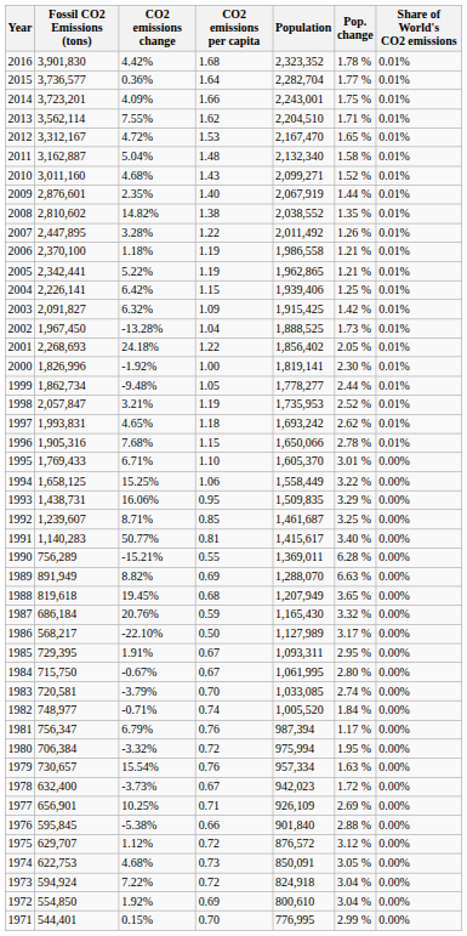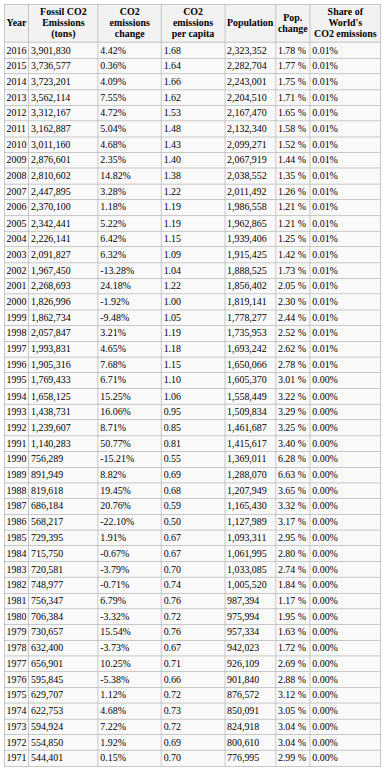 <table class="wikitable">
 <tr>
 <th>Year</th>
 <th>Fossil CO2<br>Emissions (tons)</th>
 <th>CO2 emissions<br>change</th>
 <th>CO2 emissions<br>per capita</th>
 <th>Population</th>
 <th>Pop.<br>change</th>
 <th>Share of World's<br>CO2 emissions</th>
 </tr>
 <tr>
 <td>2016</td>
 <td>3,901,830</td>
 <td>4.42%</td>
 <td>1.68</td>
 <td>2,323,352</td>
 <td>1.78 %</td>
 <td>0.01%</td>
 </tr>
 <tr>
 <td>2015</td>
 <td>3,736,577</td>
 <td>0.36%</td>
 <td>1.64</td>
 <td>2,282,704</td>
 <td>1.77 %</td>
 <td>0.01%</td>
 </tr>
 <tr>
 <td>2014</td>
 <td>3,723,201</td>
 <td>4.09%</td>
 <td>1.66</td>
 <td>2,243,001</td>
 <td>1.75 %</td>
 <td>0.01%</td>
 </tr>
 <tr>
 <td>2013</td>
 <td>3,562,114</td>
 <td>7.55%</td>
 <td>1.62</td>
 <td>2,204,510</td>
 <td>1.71 %</td>
 <td>0.01%</td>
 </tr>
 <tr>
 <td>2012</td>
 <td>3,312,167</td>
 <td>4.72%</td>
 <td>1.53</td>
 <td>2,167,470</td>
 <td>1.65 %</td>
 <td>0.01%</td>
 </tr>
 <tr>
 <td>2011</td>
 <td>3,162,887</td>
 <td>5.04%</td>
 <td>1.48</td>
 <td>2,132,340</td>
 <td>1.58 %</td>
 <td>0.01%</td>
 </tr>
 <tr>
 <td>2010</td>
 <td>3,011,160</td>
 <td>4.68%</td>
 <td>1.43</td>
 <td>2,099,271</td>
 <td>1.52 %</td>
 <td>0.01%</td>
 </tr>
 <tr>
 <td>2009</td>
 <td>2,876,601</td>
 <td>2.35%</td>
 <td>1.40</td>
 <td>2,067,919</td>
 <td>1.44 %</td>
 <td>0.01%</td>
 </tr>
 <tr>
 <td>2008</td>
 <td>2,810,602</td>
 <td>14.82%</td>
 <td>1.38</td>
 <td>2,038,552</td>
 <td>1.35 %</td>
 <td>0.01%</td>
 </tr>
 <tr>
 <td>2007</td>
 <td>2,447,895</td>
 <td>3.28%</td>
 <td>1.22</td>
 <td>2,011,492</td>
 <td>1.26 %</td>
 <td>0.01%</td>
 </tr>
 <tr>
 <td>2006</td>
 <td>2,370,100</td>
 <td>1.18%</td>
 <td>1.19</td>
 <td>1,986,558</td>
 <td>1.21 %</td>
 <td>0.01%</td>
 </tr>
 <tr>
 <td>2005</td>
 <td>2,342,441</td>
 <td>5.22%</td>
 <td>1.19</td>
 <td>1,962,865</td>
 <td>1.21 %</td>
 <td>0.01%</td>
 </tr>
 <tr>
 <td>2004</td>
 <td>2,226,141</td>
 <td>6.42%</td>
 <td>1.15</td>
 <td>1,939,406</td>
 <td>1.25 %</td>
 <td>0.01%</td>
 </tr>
 <tr>
 <td>2003</td>
 <td>2,091,827</td>
 <td>6.32%</td>
 <td>1.09</td>
 <td>1,915,425</td>
 <td>1.42 %</td>
 <td>0.01%</td>
 </tr>
 <tr>
 <td>2002</td>
 <td>1,967,450</td>
 <td>-13.28%</td>
 <td>1.04</td>
 <td>1,888,525</td>
 <td>1.73 %</td>
 <td>0.01%</td>
 </tr>
 <tr>
 <td>2001</td>
 <td>2,268,693</td>
 <td>24.18%</td>
 <td>1.22</td>
 <td>1,856,402</td>
 <td>2.05 %</td>
 <td>0.01%</td>
 </tr>
 <tr>
 <td>2000</td>
 <td>1,826,996</td>
 <td>-1.92%</td>
 <td>1.00</td>
 <td>1,819,141</td>
 <td>2.30 %</td>
 <td>0.01%</td>
 </tr>
 <tr>
 <td>1999</td>
 <td>1,862,734</td>
 <td>-9.48%</td>
 <td>1.05</td>
 <td>1,778,277</td>
 <td>2.44 %</td>
 <td>0.01%</td>
 </tr>
 <tr>
 <td>1998</td>
 <td>2,057,847</td>
 <td>3.21%</td>
 <td>1.19</td>
 <td>1,735,953</td>
 <td>2.52 %</td>
 <td>0.01%</td>
 </tr>
 <tr>
 <td>1997</td>
 <td>1,993,831</td>
 <td>4.65%</td>
 <td>1.18</td>
 <td>1,693,242</td>
 <td>2.62 %</td>
 <td>0.01%</td>
 </tr>
 <tr>
 <td>1996</td>
 <td>1,905,316</td>
 <td>7.68%</td>
 <td>1.15</td>
 <td>1,650,066</td>
 <td>2.78 %</td>
 <td>0.01%</td>
 </tr>
 <tr>
 <td>1995</td>
 <td>1,769,433</td>
 <td>6.71%</td>
 <td>1.10</td>
 <td>1,605,370</td>
 <td>3.01 %</td>
 <td>0.00%</td>
 </tr>
 <tr>
 <td>1994</td>
 <td>1,658,125</td>
 <td>15.25%</td>
 <td>1.06</td>
 <td>1,558,449</td>
 <td>3.22 %</td>
 <td>0.00%</td>
 </tr>
 <tr>
 <td>1993</td>
 <td>1,438,731</td>
 <td>16.06%</td>
 <td>0.95</td>
-<td>1,509,835</td>
+<td>1,509,834</td>
 <td>3.29 %</td>
 <td>0.00%</td>
 </tr>
 <tr>
 <td>1992</td>
 <td>1,239,607</td>
 <td>8.71%</td>
 <td>0.85</td>
 <td>1,461,687</td>
 <td>3.25 %</td>
 <td>0.00%</td>
 </tr>
 <tr>
 <td>1991</td>
 <td>1,140,283</td>
 <td>50.77%</td>
 <td>0.81</td>
 <td>1,415,617</td>
 <td>3.40 %</td>
 <td>0.00%</td>
 </tr>
 <tr>
 <td>1990</td>
 <td>756,289</td>
 <td>-15.21%</td>
 <td>0.55</td>
 <td>1,369,011</td>
 <td>6.28 %</td>
 <td>0.00%</td>
 </tr>
 <tr>
 <td>1989</td>
 <td>891,949</td>
 <td>8.82%</td>
 <td>0.69</td>
 <td>1,288,070</td>
 <td>6.63 %</td>
 <td>0.00%</td>
 </tr>
 <tr>
 <td>1988</td>
 <td>819,618</td>
 <td>19.45%</td>
 <td>0.68</td>
 <td>1,207,949</td>
 <td>3.65 %</td>
 <td>0.00%</td>
 </tr>
 <tr>
 <td>1987</td>
 <td>686,184</td>
 <td>20.76%</td>
 <td>0.59</td>
 <td>1,165,430</td>
 <td>3.32 %</td>
 <td>0.00%</td>
 </tr>
 <tr>
 <td>1986</td>
 <td>568,217</td>
 <td>-22.10%</td>
 <td>0.50</td>
 <td>1,127,989</td>
 <td>3.17 %</td>
 <td>0.00%</td>
 </tr>
 <tr>
 <td>1985</td>
 <td>729,395</td>
 <td>1.91%</td>
 <td>0.67</td>
 <td>1,093,311</td>
 <td>2.95 %</td>
 <td>0.00%</td>
 </tr>
 <tr>
 <td>1984</td>
 <td>715,750</td>
 <td>-0.67%</td>
 <td>0.67</td>
 <td>1,061,995</td>
 <td>2.80 %</td>
 <td>0.00%</td>
 </tr>
 <tr>
 <td>1983</td>
 <td>720,581</td>
 <td>-3.79%</td>
 <td>0.70</td>
 <td>1,033,085</td>
 <td>2.74 %</td>
 <td>0.00%</td>
 </tr>
 <tr>
 <td>1982</td>
 <td>748,977</td>
 <td>-0.71%</td>
 <td>0.74</td>
 <td>1,005,520</td>
 <td>1.84 %</td>
 <td>0.00%</td>
 </tr>
 <tr>
 <td>1981</td>
 <td>756,347</td>
 <td>6.79%</td>
 <td>0.76</td>
 <td>987,394</td>
 <td>1.17 %</td>
 <td>0.00%</td>
 </tr>
 <tr>
 <td>1980</td>
 <td>706,384</td>
 <td>-3.32%</td>
 <td>0.72</td>
 <td>975,994</td>
 <td>1.95 %</td>
 <td>0.00%</td>
 </tr>
 <tr>
 <td>1979</td>
 <td>730,657</td>
 <td>15.54%</td>
 <td>0.76</td>
 <td>957,334</td>
 <td>1.63 %</td>
 <td>0.00%</td>
 </tr>
 <tr>
 <td>1978</td>
 <td>632,400</td>
 <td>-3.73%</td>
 <td>0.67</td>
 <td>942,023</td>
 <td>1.72 %</td>
 <td>0.00%</td>
 </tr>
 <tr>
 <td>1977</td>
 <td>656,901</td>
 <td>10.25%</td>
 <td>0.71</td>
 <td>926,109</td>
 <td>2.69 %</td>
 <td>0.00%</td>
 </tr>
 <tr>
 <td>1976</td>
 <td>595,845</td>
 <td>-5.38%</td>
 <td>0.66</td>
 <td>901,840</td>
 <td>2.88 %</td>
 <td>0.00%</td>
 </tr>
 <tr>
 <td>1975</td>
 <td>629,707</td>
 <td>1.12%</td>
 <td>0.72</td>
 <td>876,572</td>
 <td>3.12 %</td>
 <td>0.00%</td>
 </tr>
 <tr>
 <td>1974</td>
 <td>622,753</td>
 <td>4.68%</td>
 <td>0.73</td>
 <td>850,091</td>
 <td>3.05 %</td>
 <td>0.00%</td>
 </tr>
 <tr>
 <td>1973</td>
 <td>594,924</td>
 <td>7.22%</td>
 <td>0.72</td>
 <td>824,918</td>
 <td>3.04 %</td>
 <td>0.00%</td>
 </tr>
 <tr>
 <td>1972</td>
 <td>554,850</td>
 <td>1.92%</td>
 <td>0.69</td>
 <td>800,610</td>
 <td>3.04 %</td>
 <td>0.00%</td>
 </tr>
 <tr>
 <td>1971</td>
 <td>544,401</td>
 <td>0.15%</td>
 <td>0.70</td>
 <td>776,995</td>
 <td>2.99 %</td>
 <td>0.00%</td>
 </tr>
 </table>
